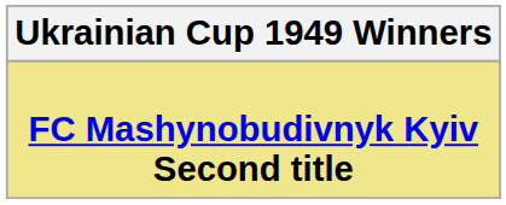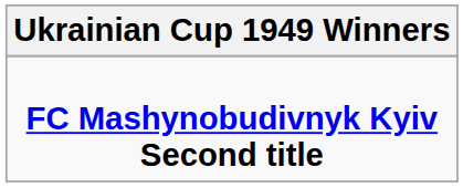 <table class="wikitable" style="text-align: center; margin: 0 auto;">
 <tr>
 <th>Ukrainian Cup 1949 Winners</th>
 </tr>
 <tr>
 </tr>
 <tr>
-<td style="background: khaki;"><br><strong><a href='#'>FC Mashynobudivnyk Kyiv</a></strong><br><strong>Second title</strong></td>
+<td><br><strong><a href='#'>FC Mashynobudivnyk Kyiv</a></strong><br><strong>Second title</strong></td>
 </tr>
 </table>
